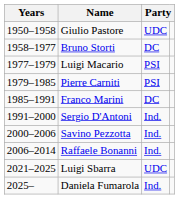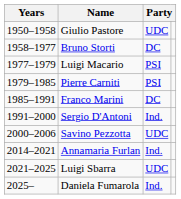 <table class=wikitable style=text-align:left>
 <tr>
 <th>Years</th>
 <th>Name</th>
 <th colspan="2">Party</th>
 </tr>
 <tr>
 <td>1950–1958</td>
 <td>Giulio Pastore</td>
 <td><a href='#'>UDC</a></td>
 <td></td>
 </tr>
 <tr>
 <td>1958–1977</td>
 <td><a href='#'>Bruno Storti</a></td>
 <td><a href='#'>DC</a></td>
 <td></td>
 </tr>
 <tr>
 <td>1977–1979</td>
 <td>Luigi Macario</td>
 <td><a href='#'>PSI</a></td>
 <td></td>
 </tr>
 <tr>
 <td>1979–1985</td>
 <td><a href='#'>Pierre Carniti</a></td>
 <td><a href='#'>PSI</a></td>
 <td></td>
 </tr>
 <tr>
 <td>1985–1991</td>
 <td><a href='#'>Franco Marini</a></td>
 <td><a href='#'>DC</a></td>
 <td></td>
 </tr>
 <tr>
 <td>1991–2000</td>
 <td><a href='#'>Sergio D'Antoni</a></td>
 <td><a href='#'>Ind.</a></td>
 <td></td>
 </tr>
 <tr>
 <td>2000–2006</td>
 <td><a href='#'>Savino Pezzotta</a></td>
-<td><a href='#'>Ind.</a></td>
+<td><a href='#'>UDC</a></td>
 <td></td>
 </tr>
 <tr>
-<td>2006–2014</td>
-<td><a href='#'>Raffaele Bonanni</a></td>
+<td>2014–2021</td>
+<td><a href='#'>Annamaria Furlan</a></td>
 <td><a href='#'>Ind.</a></td>
 <td></td>
 </tr>
 <tr>
 <td>2021–2025</td>
 <td>Luigi Sbarra</td>
 <td><a href='#'>UDC</a></td>
 <td></td>
 </tr>
 <tr>
 <td>2025–</td>
 <td>Daniela Fumarola</td>
 <td><a href='#'>Ind.</a></td>
 <td></td>
 </tr>
 </table>
